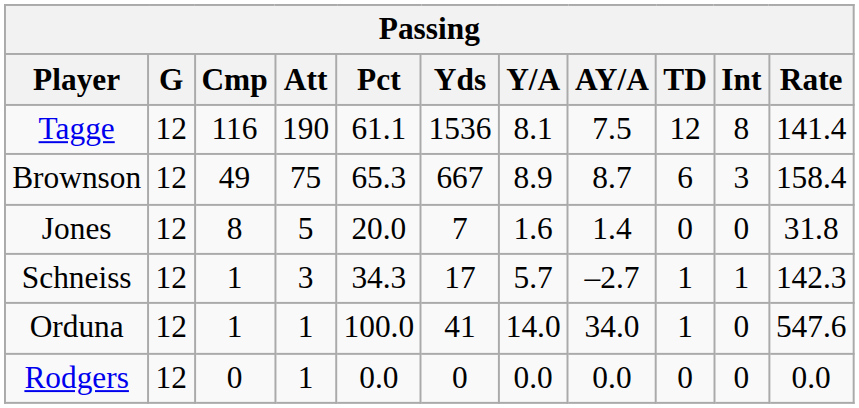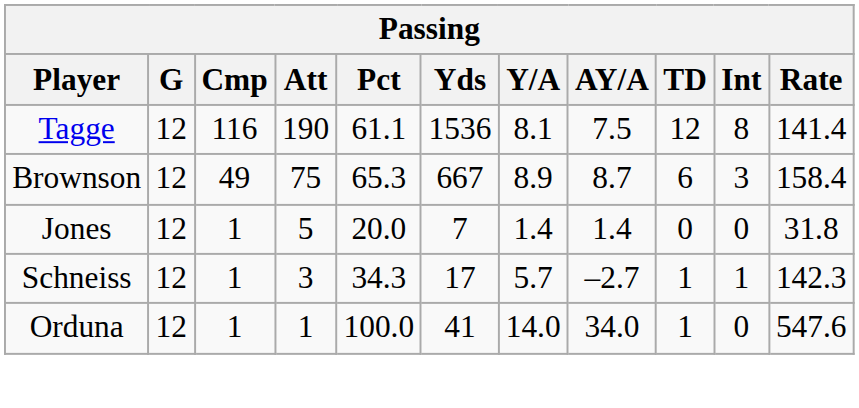 <table class="wikitable" style="text-align:center">
 <tr>
 <th colspan="11">Passing</th>
 </tr>
 <tr>
 <th>Player</th>
 <th>G</th>
 <th>Cmp</th>
 <th>Att</th>
 <th>Pct</th>
 <th>Yds</th>
 <th>Y/A</th>
 <th>AY/A</th>
 <th>TD</th>
 <th>Int</th>
 <th>Rate</th>
 </tr>
 <tr>
 <td><a href='#'>Tagge</a></td>
 <td>12</td>
 <td>116</td>
 <td>190</td>
 <td>61.1</td>
 <td>1536</td>
 <td>8.1</td>
 <td>7.5</td>
 <td>12</td>
 <td>8</td>
 <td>141.4</td>
 </tr>
 <tr>
 <td>Brownson</td>
 <td>12</td>
 <td>49</td>
 <td>75</td>
 <td>65.3</td>
 <td>667</td>
 <td>8.9</td>
 <td>8.7</td>
 <td>6</td>
 <td>3</td>
 <td>158.4</td>
 </tr>
 <tr>
 <td>Jones</td>
 <td>12</td>
-<td>8</td>
+<td>1</td>
 <td>5</td>
 <td>20.0</td>
 <td>7</td>
-<td>1.6</td>
+<td>1.4</td>
 <td>1.4</td>
 <td>0</td>
 <td>0</td>
 <td>31.8</td>
 </tr>
 <tr>
 <td>Schneiss</td>
 <td>12</td>
 <td>1</td>
 <td>3</td>
 <td>34.3</td>
 <td>17</td>
 <td>5.7</td>
 <td>–2.7</td>
 <td>1</td>
 <td>1</td>
 <td>142.3</td>
 </tr>
 <tr>
 <td>Orduna</td>
 <td>12</td>
 <td>1</td>
 <td>1</td>
 <td>100.0</td>
 <td>41</td>
 <td>14.0</td>
 <td>34.0</td>
 <td>1</td>
 <td>0</td>
 <td>547.6</td>
 </tr>
-<tr>
-<td><a href='#'>Rodgers</a></td>
-<td>12</td>
-<td>0</td>
-<td>1</td>
-<td>0.0</td>
-<td>0</td>
-<td>0.0</td>
-<td>0.0</td>
-<td>0</td>
-<td>0</td>
-<td>0.0</td>
-</tr>
 </table>
